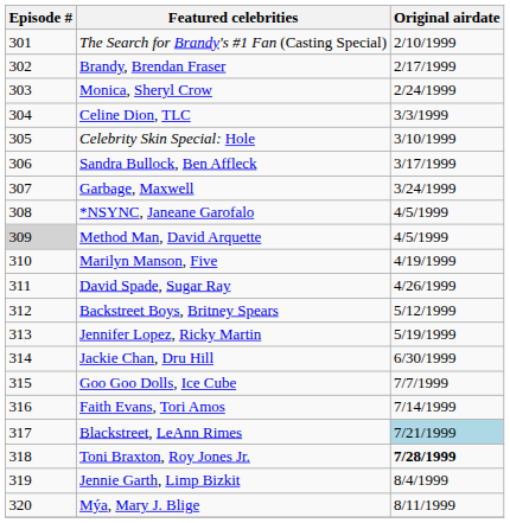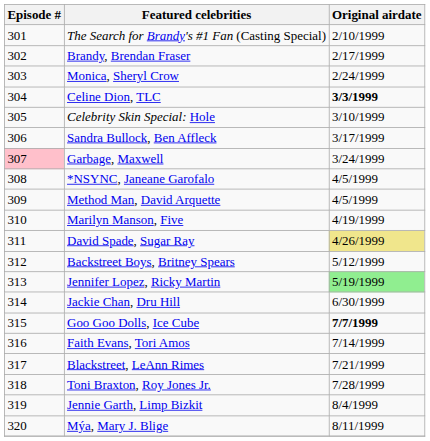 <table class="wikitable">
 <tr>
 <th>Episode #</th>
 <th>Featured celebrities</th>
 <th>Original airdate</th>
 </tr>
 <tr>
 <td>301</td>
 <td><em>The Search for <a href='#'>Brandy</a>'s #1 Fan</em> (Casting Special)</td>
 <td>2/10/1999</td>
 </tr>
 <tr>
 <td>302</td>
 <td><a href='#'>Brandy</a>, <a href='#'>Brendan Fraser</a></td>
 <td>2/17/1999</td>
 </tr>
 <tr>
 <td>303</td>
 <td><a href='#'>Monica</a>, <a href='#'>Sheryl Crow</a></td>
 <td>2/24/1999</td>
 </tr>
 <tr>
 <td>304</td>
 <td><a href='#'>Celine Dion</a>, <a href='#'>TLC</a></td>
-<td>3/3/1999</td>
+<td><strong>3/3/1999</strong></td>
 </tr>
 <tr>
 <td>305</td>
 <td><em>Celebrity Skin Special:</em> <a href='#'>Hole</a></td>
 <td>3/10/1999</td>
 </tr>
 <tr>
 <td>306</td>
 <td><a href='#'>Sandra Bullock</a>, <a href='#'>Ben Affleck</a></td>
 <td>3/17/1999</td>
 </tr>
 <tr>
-<td>307</td>
+<td style="background: pink;">307</td>
 <td><a href='#'>Garbage</a>, <a href='#'>Maxwell</a></td>
 <td>3/24/1999</td>
 </tr>
 <tr>
 <td>308</td>
 <td><a href='#'>*NSYNC</a>, <a href='#'>Janeane Garofalo</a></td>
 <td>4/5/1999</td>
 </tr>
 <tr>
-<td style="background: lightgrey;">309</td>
+<td>309</td>
 <td><a href='#'>Method Man</a>, <a href='#'>David Arquette</a></td>
 <td>4/5/1999</td>
 </tr>
 <tr>
 <td>310</td>
 <td><a href='#'>Marilyn Manson</a>, <a href='#'>Five</a></td>
 <td>4/19/1999</td>
 </tr>
 <tr>
 <td>311</td>
 <td><a href='#'>David Spade</a>, <a href='#'>Sugar Ray</a></td>
-<td>4/26/1999</td>
+<td style="background: khaki;">4/26/1999</td>
 </tr>
 <tr>
 <td>312</td>
 <td><a href='#'>Backstreet Boys</a>, <a href='#'>Britney Spears</a></td>
 <td>5/12/1999</td>
 </tr>
 <tr>
 <td>313</td>
 <td><a href='#'>Jennifer Lopez</a>, <a href='#'>Ricky Martin</a></td>
-<td>5/19/1999</td>
+<td style="background: lightgreen;">5/19/1999</td>
 </tr>
 <tr>
 <td>314</td>
 <td><a href='#'>Jackie Chan</a>, <a href='#'>Dru Hill</a></td>
 <td>6/30/1999</td>
 </tr>
 <tr>
 <td>315</td>
 <td><a href='#'>Goo Goo Dolls</a>, <a href='#'>Ice Cube</a></td>
-<td>7/7/1999</td>
+<td><strong>7/7/1999</strong></td>
 </tr>
 <tr>
 <td>316</td>
 <td><a href='#'>Faith Evans</a>, <a href='#'>Tori Amos</a></td>
 <td>7/14/1999</td>
 </tr>
 <tr>
 <td>317</td>
 <td><a href='#'>Blackstreet</a>, <a href='#'>LeAnn Rimes</a></td>
-<td style="background: lightblue;">7/21/1999</td>
+<td>7/21/1999</td>
 </tr>
 <tr>
 <td>318</td>
 <td><a href='#'>Toni Braxton</a>, <a href='#'>Roy Jones Jr.</a></td>
-<td><strong>7/28/1999</strong></td>
+<td>7/28/1999</td>
 </tr>
 <tr>
 <td>319</td>
 <td><a href='#'>Jennie Garth</a>, <a href='#'>Limp Bizkit</a></td>
 <td>8/4/1999</td>
 </tr>
 <tr>
 <td>320</td>
 <td><a href='#'>Mýa</a>, <a href='#'>Mary J. Blige</a></td>
 <td>8/11/1999</td>
 </tr>
 <tr>
 </tr>
 </table>
